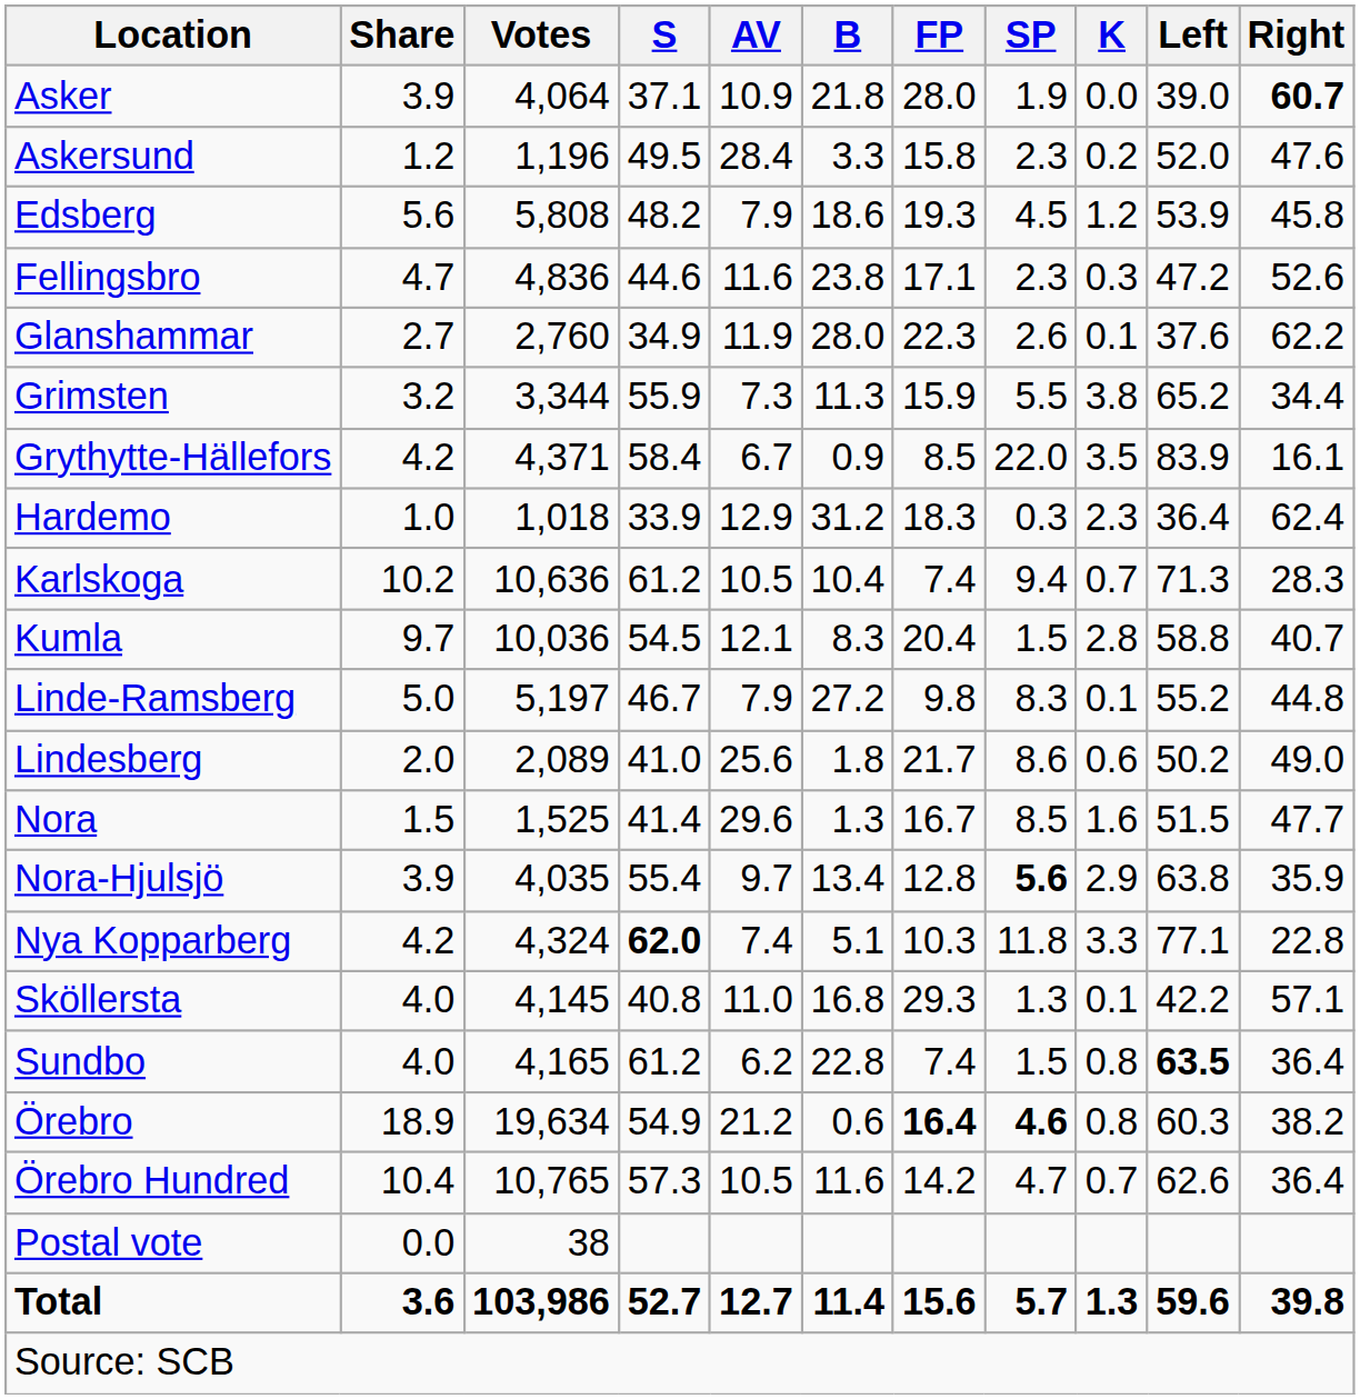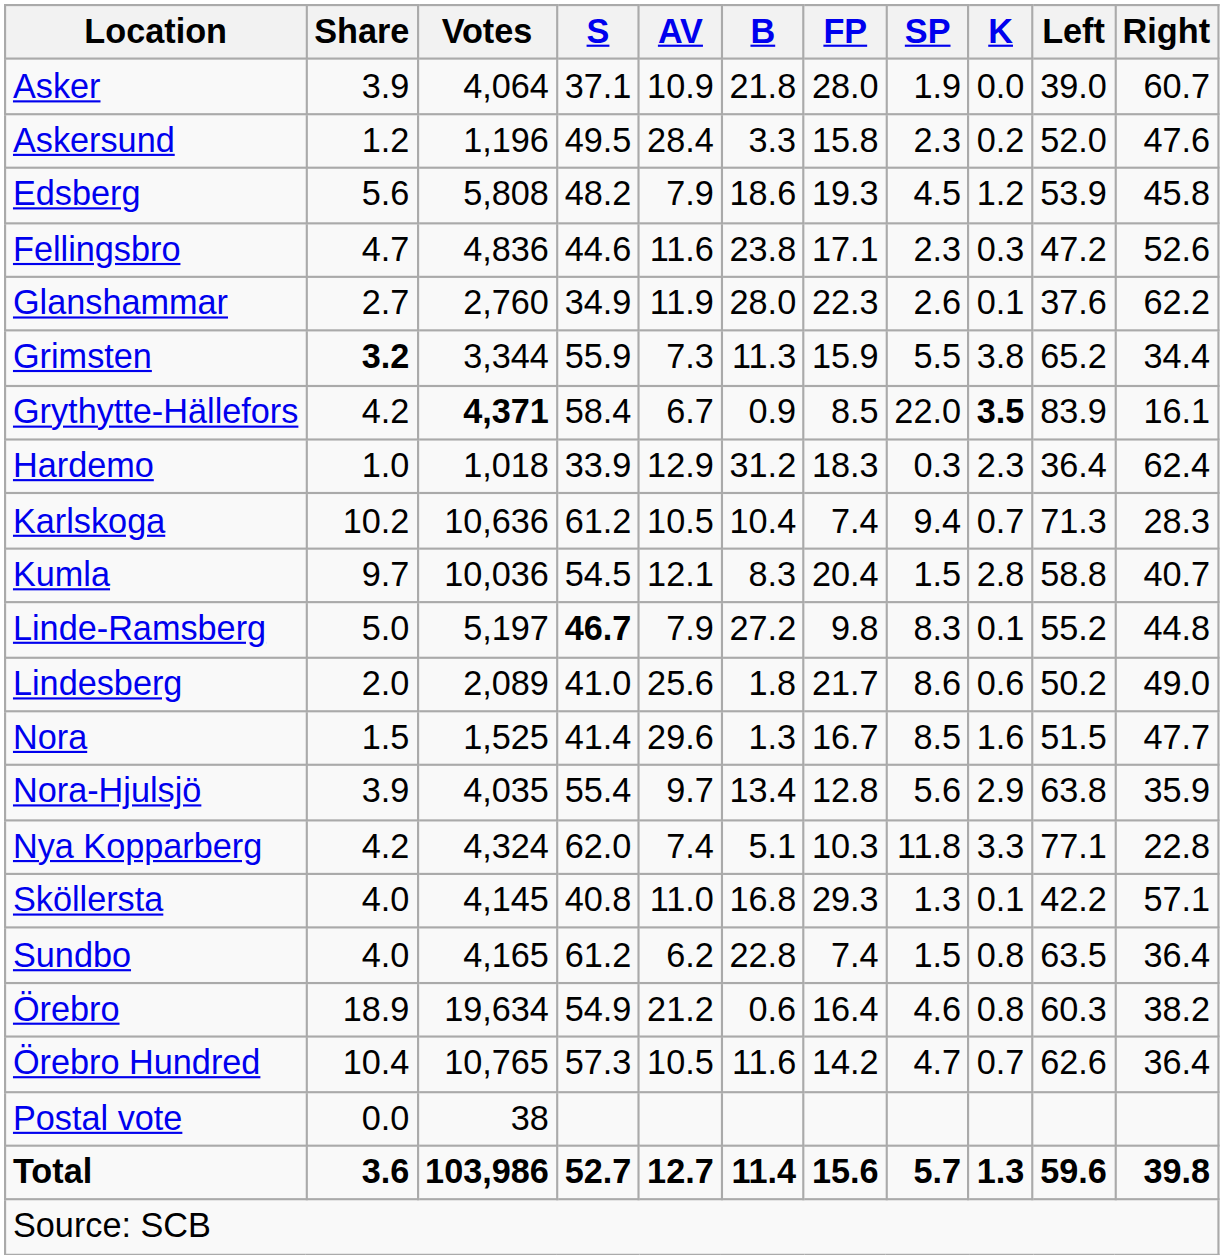 <table class="wikitable sortable" style=text-align:right>
 <tr>
 <th>Location</th>
 <th>Share</th>
 <th>Votes</th>
 <th><a href='#'>S</a></th>
 <th><a href='#'>AV</a></th>
 <th><a href='#'>B</a></th>
 <th><a href='#'>FP</a></th>
 <th><a href='#'>SP</a></th>
 <th><a href='#'>K</a></th>
 <th>Left</th>
 <th>Right</th>
 </tr>
 <tr>
 <td align=left><a href='#'>Asker</a></td>
 <td>3.9</td>
 <td>4,064</td>
 <td>37.1</td>
 <td>10.9</td>
 <td>21.8</td>
 <td>28.0</td>
 <td>1.9</td>
 <td>0.0</td>
 <td>39.0</td>
-<td><strong>60.7</strong></td>
+<td>60.7</td>
 </tr>
 <tr>
 <td align=left><a href='#'>Askersund</a></td>
 <td>1.2</td>
 <td>1,196</td>
 <td>49.5</td>
 <td>28.4</td>
 <td>3.3</td>
 <td>15.8</td>
 <td>2.3</td>
 <td>0.2</td>
 <td>52.0</td>
 <td>47.6</td>
 </tr>
 <tr>
 <td align=left><a href='#'>Edsberg</a></td>
 <td>5.6</td>
 <td>5,808</td>
 <td>48.2</td>
 <td>7.9</td>
 <td>18.6</td>
 <td>19.3</td>
 <td>4.5</td>
 <td>1.2</td>
 <td>53.9</td>
 <td>45.8</td>
 </tr>
 <tr>
 <td align=left><a href='#'>Fellingsbro</a></td>
 <td>4.7</td>
 <td>4,836</td>
 <td>44.6</td>
 <td>11.6</td>
 <td>23.8</td>
 <td>17.1</td>
 <td>2.3</td>
 <td>0.3</td>
 <td>47.2</td>
 <td>52.6</td>
 </tr>
 <tr>
 <td align=left><a href='#'>Glanshammar</a></td>
 <td>2.7</td>
 <td>2,760</td>
 <td>34.9</td>
 <td>11.9</td>
 <td>28.0</td>
 <td>22.3</td>
 <td>2.6</td>
 <td>0.1</td>
 <td>37.6</td>
 <td>62.2</td>
 </tr>
 <tr>
 <td align=left><a href='#'>Grimsten</a></td>
-<td>3.2</td>
+<td><strong>3.2</strong></td>
 <td>3,344</td>
 <td>55.9</td>
 <td>7.3</td>
 <td>11.3</td>
 <td>15.9</td>
 <td>5.5</td>
 <td>3.8</td>
 <td>65.2</td>
 <td>34.4</td>
 </tr>
 <tr>
 <td align=left><a href='#'>Grythytte-Hällefors</a></td>
 <td>4.2</td>
-<td>4,371</td>
+<td><strong>4,371</strong></td>
 <td>58.4</td>
 <td>6.7</td>
 <td>0.9</td>
 <td>8.5</td>
 <td>22.0</td>
-<td>3.5</td>
+<td><strong>3.5</strong></td>
 <td>83.9</td>
 <td>16.1</td>
 </tr>
 <tr>
 <td align=left><a href='#'>Hardemo</a></td>
 <td>1.0</td>
 <td>1,018</td>
 <td>33.9</td>
 <td>12.9</td>
 <td>31.2</td>
 <td>18.3</td>
 <td>0.3</td>
 <td>2.3</td>
 <td>36.4</td>
 <td>62.4</td>
 </tr>
 <tr>
 <td align=left><a href='#'>Karlskoga</a></td>
 <td>10.2</td>
 <td>10,636</td>
 <td>61.2</td>
 <td>10.5</td>
 <td>10.4</td>
 <td>7.4</td>
 <td>9.4</td>
 <td>0.7</td>
 <td>71.3</td>
 <td>28.3</td>
 </tr>
 <tr>
 <td align=left><a href='#'>Kumla</a></td>
 <td>9.7</td>
 <td>10,036</td>
 <td>54.5</td>
 <td>12.1</td>
 <td>8.3</td>
 <td>20.4</td>
 <td>1.5</td>
 <td>2.8</td>
 <td>58.8</td>
 <td>40.7</td>
 </tr>
 <tr>
 <td align=left><a href='#'>Linde-Ramsberg</a></td>
 <td>5.0</td>
 <td>5,197</td>
-<td>46.7</td>
+<td><strong>46.7</strong></td>
 <td>7.9</td>
 <td>27.2</td>
 <td>9.8</td>
 <td>8.3</td>
 <td>0.1</td>
 <td>55.2</td>
 <td>44.8</td>
 </tr>
 <tr>
 <td align=left><a href='#'>Lindesberg</a></td>
 <td>2.0</td>
 <td>2,089</td>
 <td>41.0</td>
 <td>25.6</td>
 <td>1.8</td>
 <td>21.7</td>
 <td>8.6</td>
 <td>0.6</td>
 <td>50.2</td>
 <td>49.0</td>
 </tr>
 <tr>
 <td align=left><a href='#'>Nora</a></td>
 <td>1.5</td>
 <td>1,525</td>
 <td>41.4</td>
 <td>29.6</td>
 <td>1.3</td>
 <td>16.7</td>
 <td>8.5</td>
 <td>1.6</td>
 <td>51.5</td>
 <td>47.7</td>
 </tr>
 <tr>
 <td align=left><a href='#'>Nora-Hjulsjö</a></td>
 <td>3.9</td>
 <td>4,035</td>
 <td>55.4</td>
 <td>9.7</td>
 <td>13.4</td>
 <td>12.8</td>
-<td><strong>5.6</strong></td>
+<td>5.6</td>
 <td>2.9</td>
 <td>63.8</td>
 <td>35.9</td>
 </tr>
 <tr>
 <td align=left><a href='#'>Nya Kopparberg</a></td>
 <td>4.2</td>
 <td>4,324</td>
-<td><strong>62.0</strong></td>
+<td>62.0</td>
 <td>7.4</td>
 <td>5.1</td>
 <td>10.3</td>
 <td>11.8</td>
 <td>3.3</td>
 <td>77.1</td>
 <td>22.8</td>
 </tr>
 <tr>
 <td align=left><a href='#'>Sköllersta</a></td>
 <td>4.0</td>
 <td>4,145</td>
 <td>40.8</td>
 <td>11.0</td>
 <td>16.8</td>
 <td>29.3</td>
 <td>1.3</td>
 <td>0.1</td>
 <td>42.2</td>
 <td>57.1</td>
 </tr>
 <tr>
 <td align=left><a href='#'>Sundbo</a></td>
 <td>4.0</td>
 <td>4,165</td>
 <td>61.2</td>
 <td>6.2</td>
 <td>22.8</td>
 <td>7.4</td>
 <td>1.5</td>
 <td>0.8</td>
-<td><strong>63.5</strong></td>
+<td>63.5</td>
 <td>36.4</td>
 </tr>
 <tr>
 <td align=left><a href='#'>Örebro</a></td>
 <td>18.9</td>
 <td>19,634</td>
 <td>54.9</td>
 <td>21.2</td>
 <td>0.6</td>
-<td><strong>16.4</strong></td>
-<td><strong>4.6</strong></td>
+<td>16.4</td>
+<td>4.6</td>
 <td>0.8</td>
 <td>60.3</td>
 <td>38.2</td>
 </tr>
 <tr>
 <td align=left><a href='#'>Örebro Hundred</a></td>
 <td>10.4</td>
 <td>10,765</td>
 <td>57.3</td>
 <td>10.5</td>
 <td>11.6</td>
 <td>14.2</td>
 <td>4.7</td>
 <td>0.7</td>
 <td>62.6</td>
 <td>36.4</td>
 </tr>
 <tr>
 <td align=left><a href='#'>Postal vote</a></td>
 <td>0.0</td>
 <td>38</td>
 <td></td>
 <td></td>
 <td></td>
 <td></td>
 <td></td>
 <td></td>
 <td></td>
 <td></td>
 </tr>
 <tr>
 <td align=left><strong>Total</strong></td>
 <td><strong>3.6</strong></td>
 <td><strong>103,986</strong></td>
 <td><strong>52.7</strong></td>
 <td><strong>12.7</strong></td>
 <td><strong>11.4</strong></td>
 <td><strong>15.6</strong></td>
 <td><strong>5.7</strong></td>
 <td><strong>1.3</strong></td>
 <td><strong>59.6</strong></td>
 <td><strong>39.8</strong></td>
 </tr>
 <tr>
 <td align=left colspan=11>Source: SCB </td>
 </tr>
 </table>
